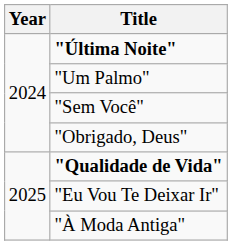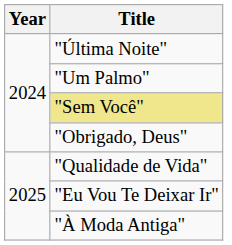 <table class="wikitable">
 <tr>
 <th>Year</th>
 <th>Title</th>
 </tr>
 <tr>
 <td rowspan="4">2024</td>
-<td><strong>"Última Noite" </strong></td>
+<td>"Última Noite" </td>
 </tr>
 <tr>
 <td>"Um Palmo" </td>
 </tr>
 <tr>
-<td>"Sem Você" </td>
+<td style="background: khaki;">"Sem Você" </td>
 </tr>
 <tr>
 <td>"Obrigado, Deus" </td>
 </tr>
 <tr>
 <td rowspan="3">2025</td>
-<td><strong>"Qualidade de Vida" </strong></td>
+<td>"Qualidade de Vida" </td>
 </tr>
 <tr>
 <td>"Eu Vou Te Deixar Ir" </td>
 </tr>
 <tr>
 <td>"À Moda Antiga" </td>
 </tr>
 </table>
